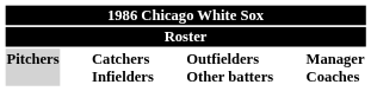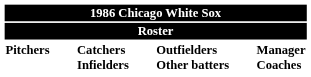 <table class="toccolours" style="font-size: 95%;">
 <tr>
 <th colspan="10" style="background-color: black; color: #FFFFFF; text-align: center;">1986 Chicago White Sox</th>
 </tr>
 <tr>
 <td colspan="10" style="background-color:black; color: white; text-align: center;"><strong>Roster</strong></td>
 </tr>
 <tr>
-<td valign="top" style="background: lightgrey;"><strong>Pitchers</strong><br>                 </td>
+<td valign="top"><strong>Pitchers</strong><br>                 </td>
 <td width="25px"></td>
 <td valign="top"><strong>Catchers</strong><br>     <strong>Infielders</strong>           </td>
 <td width="25px"></td>
 <td valign="top"><strong>Outfielders</strong><br>            <strong>Other batters</strong> </td>
 <td width="25px"></td>
 <td valign="top"><strong>Manager</strong><br>  <strong>Coaches</strong>     </td>
 </tr>
 </table>
